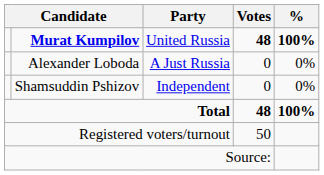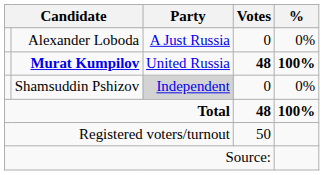 <table class="wikitable sortable" style="text-align:right; margin-bottom:0;">
 <tr style="background:#e9e9e9; text-align:center;">
 <th colspan=2>Candidate</th>
 <th>Party</th>
 <th>Votes</th>
 <th>%</th>
+</tr>
+<tr>
+<td></td>
+<td>Alexander Loboda</td>
+<td><a href='#'>A Just Russia</a></td>
+<td>0</td>
+<td>0%</td>
 </tr>
 <tr>
 <td></td>
 <td><strong><a href='#'>Murat Kumpilov</a></strong></td>
 <td><a href='#'>United Russia</a></td>
 <td><strong>48</strong></td>
 <td><strong>100%</strong></td>
 </tr>
 <tr>
 <td></td>
-<td>Alexander Loboda</td>
-<td><a href='#'>A Just Russia</a></td>
-<td>0</td>
-<td>0%</td>
-</tr>
-<tr>
-<td></td>
 <td>Shamsuddin Pshizov</td>
-<td><a href='#'>Independent</a></td>
+<td style="background: lightgrey;"><a href='#'>Independent</a></td>
 <td>0</td>
 <td>0%</td>
 </tr>
 <tr>
 <td colspan=3><strong>Total</strong></td>
 <td><strong>48</strong></td>
 <td><strong>100%</strong></td>
 </tr>
 <tr>
 <td colspan=3>Registered voters/turnout</td>
 <td>50</td>
 <td></td>
 </tr>
 <tr>
 <td colspan=4>Source:</td>
 <td></td>
 </tr>
 </table>
